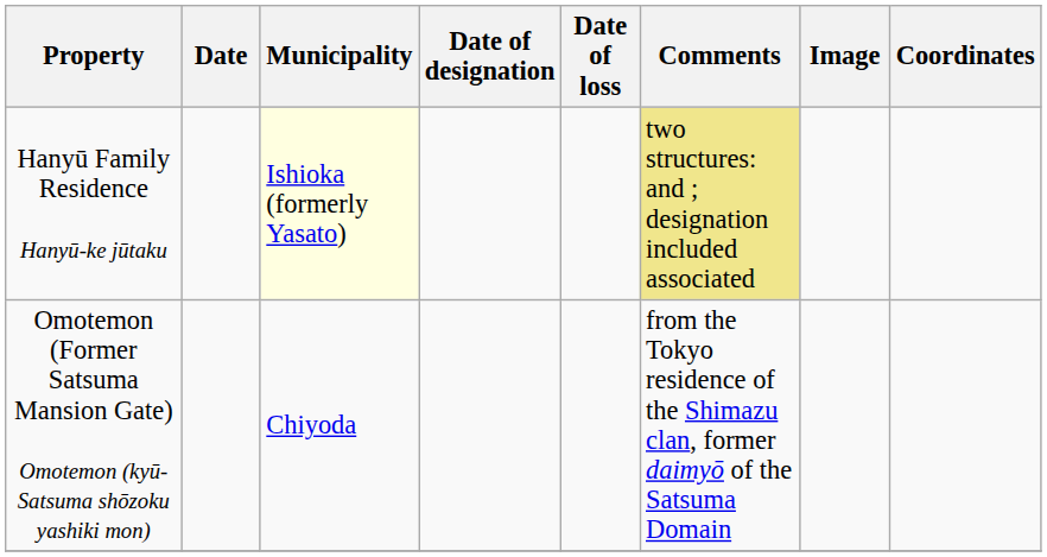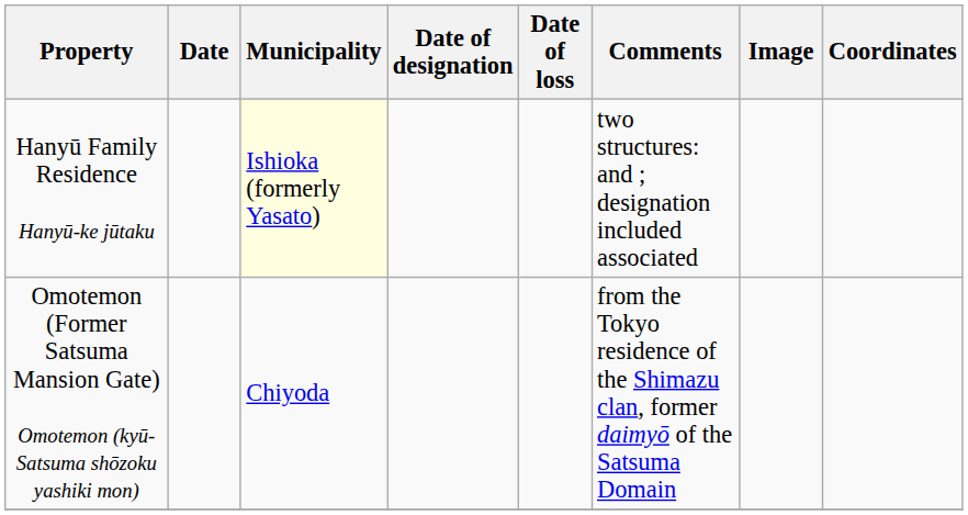 <table class="wikitable sortable"  style="width:100%;">
 <tr>
 <th width="25%" align="left">Property</th>
 <th width="10%" align="left">Date</th>
 <th width="10%" align="left">Municipality</th>
 <th width="10%" align="left">Date of designation</th>
 <th width="10%" align="left">Date of loss</th>
 <th width="20%" align="left" class="unsortable">Comments</th>
 <th width="10%" align="left" class="unsortable">Image</th>
 <th width="5%" align="left" class="unsortable">Coordinates</th>
 </tr>
 <tr>
 <td align="center">Hanyū Family Residence<br><br><small><em>Hanyū-ke jūtaku</em></small></td>
 <td></td>
 <td style="background: lightyellow;"><a href='#'>Ishioka</a><br>(formerly <a href='#'>Yasato</a>)</td>
 <td></td>
 <td></td>
-<td style="background: khaki;">two structures:  and ; designation included associated </td>
+<td>two structures:  and ; designation included associated </td>
 <td></td>
 <td></td>
 </tr>
 <tr>
 <td align="center">Omotemon (Former Satsuma Mansion Gate)<br><br><small><em>Omotemon (kyū-Satsuma shōzoku yashiki mon)</em></small></td>
 <td></td>
 <td><a href='#'>Chiyoda</a></td>
 <td></td>
 <td></td>
 <td>from the Tokyo residence of the <a href='#'>Shimazu clan</a>, former <em><a href='#'>daimyō</a></em> of the <a href='#'>Satsuma Domain</a></td>
 <td></td>
 <td></td>
 </tr>
 <tr>
 </tr>
 </table>
